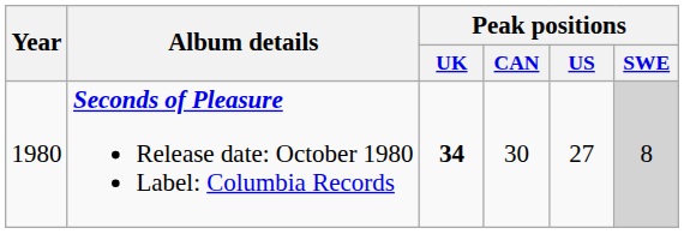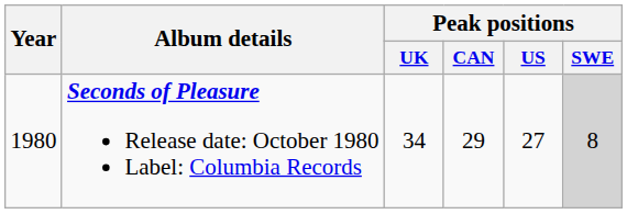 <table class="wikitable" style="text-align:center;">
 <tr>
 <th rowspan="2">Year</th>
 <th rowspan="2">Album details</th>
 <th colspan="4">Peak positions</th>
 </tr>
 <tr style="font-size:smaller;">
 <th style="width:35px;"><a href='#'>UK</a><br></th>
 <th style="width:35px;"><a href='#'>CAN</a><br></th>
 <th style="width:35px;"><a href='#'>US</a><br></th>
 <th style="width:35px;"><a href='#'>SWE</a><br></th>
 </tr>
 <tr>
 <td>1980</td>
 <td style="text-align:left;"><strong><em><a href='#'>Seconds of Pleasure</a></em></strong><br><ul><li>Release date: October 1980</li><li>Label: <a href='#'>Columbia Records</a></li></ul></td>
-<td><strong>34</strong></td>
-<td>30</td>
+<td>34</td>
+<td>29</td>
 <td>27</td>
 <td style="background: lightgrey;">8</td>
 </tr>
 </table>
